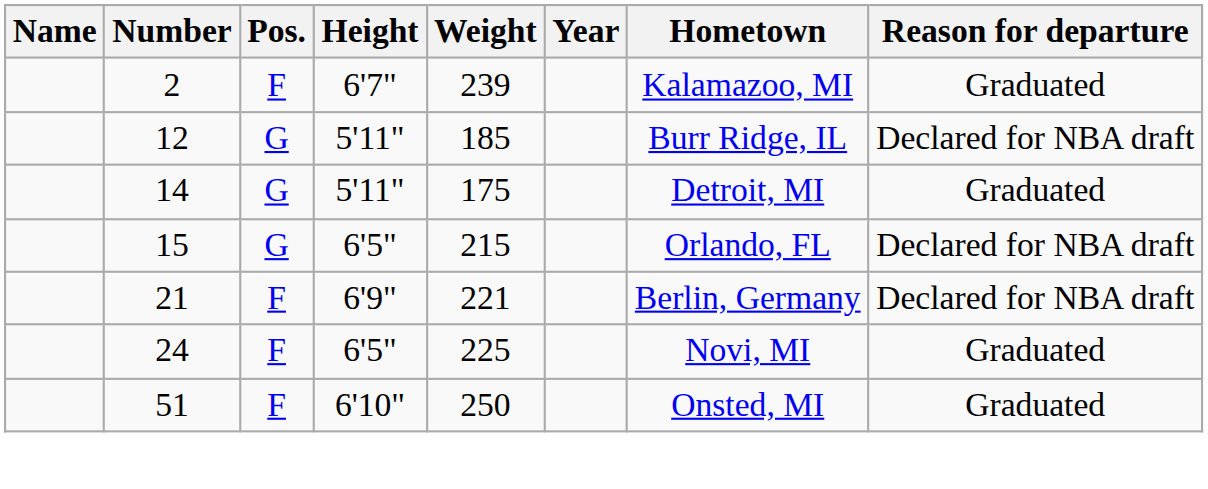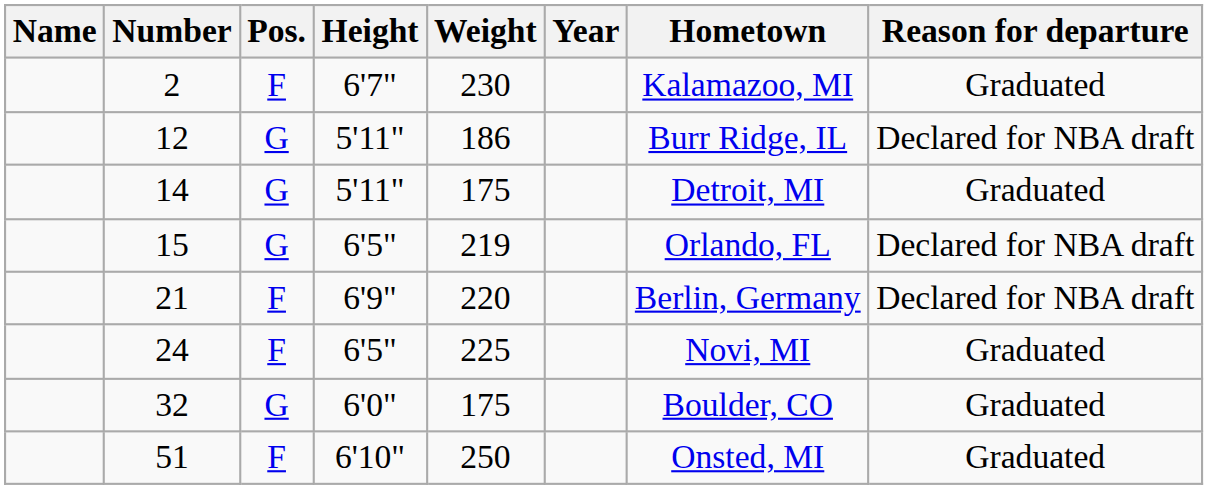 <table class="wikitable sortable sortable" style="text-align: center">
 <tr align=center>
 <th>Name</th>
 <th>Number</th>
 <th>Pos.</th>
 <th>Height</th>
 <th>Weight</th>
 <th>Year</th>
 <th>Hometown</th>
 <th>Reason for departure</th>
 </tr>
 <tr>
 <td></td>
 <td>2</td>
 <td><a href='#'>F</a></td>
 <td>6'7"</td>
-<td>239</td>
+<td>230</td>
 <td></td>
 <td><a href='#'>Kalamazoo, MI</a></td>
 <td>Graduated</td>
 </tr>
 <tr>
 <td></td>
 <td>12</td>
 <td><a href='#'>G</a></td>
 <td>5'11"</td>
-<td>185</td>
+<td>186</td>
 <td></td>
 <td><a href='#'>Burr Ridge, IL</a></td>
 <td>Declared for NBA draft</td>
 </tr>
 <tr>
 <td></td>
 <td>14</td>
 <td><a href='#'>G</a></td>
 <td>5'11"</td>
 <td>175</td>
 <td></td>
 <td><a href='#'>Detroit, MI</a></td>
 <td>Graduated</td>
 </tr>
 <tr>
 <td></td>
 <td>15</td>
 <td><a href='#'>G</a></td>
 <td>6'5"</td>
-<td>215</td>
+<td>219</td>
 <td></td>
 <td><a href='#'>Orlando, FL</a></td>
 <td>Declared for NBA draft</td>
 </tr>
 <tr>
 <td></td>
 <td>21</td>
 <td><a href='#'>F</a></td>
 <td>6'9"</td>
-<td>221</td>
+<td>220</td>
 <td></td>
 <td><a href='#'>Berlin, Germany</a></td>
 <td>Declared for NBA draft</td>
 </tr>
 <tr>
 <td></td>
 <td>24</td>
 <td><a href='#'>F</a></td>
 <td>6'5"</td>
 <td>225</td>
 <td></td>
 <td><a href='#'>Novi, MI</a></td>
 <td>Graduated</td>
 </tr>
 <tr>
 <td></td>
+<td>32</td>
+<td><a href='#'>G</a></td>
+<td>6'0"</td>
+<td>175</td>
+<td></td>
+<td><a href='#'>Boulder, CO</a></td>
+<td>Graduated</td>
+</tr>
+<tr>
+<td></td>
 <td>51</td>
 <td><a href='#'>F</a></td>
 <td>6'10"</td>
 <td>250</td>
 <td></td>
 <td><a href='#'>Onsted, MI</a></td>
 <td>Graduated</td>
 </tr>
 </table>
